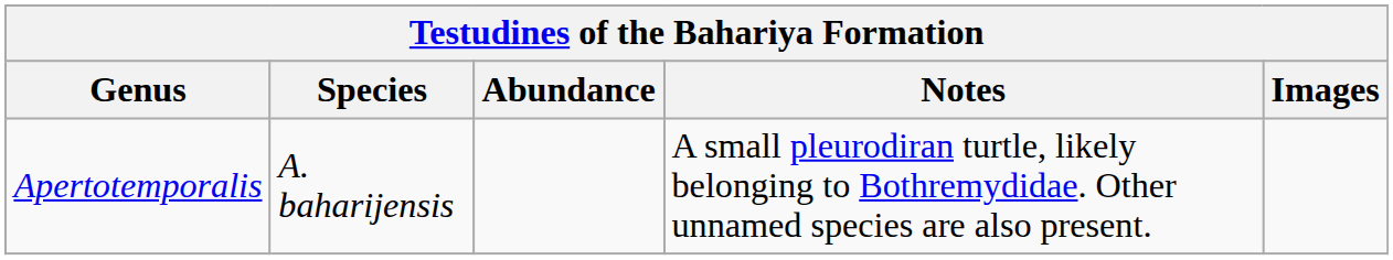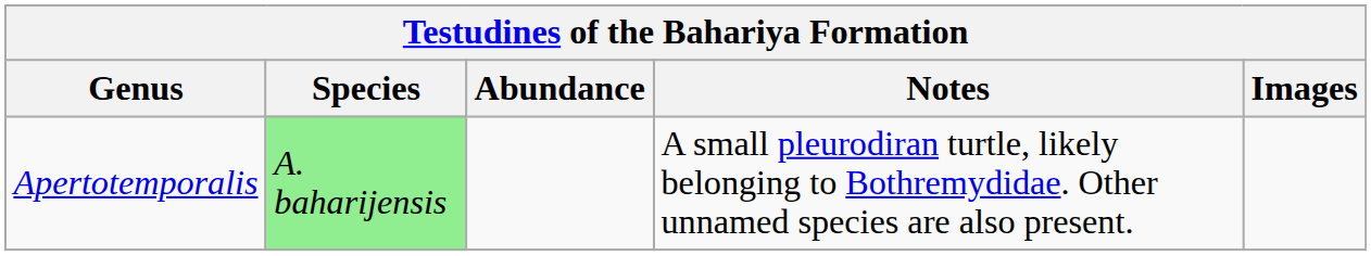 <table class="wikitable" align="center" width="100%">
 <tr>
 <th colspan="5" align="center"><strong><a href='#'>Testudines</a> of the Bahariya Formation</strong></th>
 </tr>
 <tr>
 <th>Genus</th>
 <th>Species</th>
 <th>Abundance</th>
 <th>Notes</th>
 <th>Images</th>
 </tr>
 <tr>
 <td><em><a href='#'>Apertotemporalis</a></em></td>
-<td><em>A. baharijensis</em></td>
+<td style="background: lightgreen;"><em>A. baharijensis</em></td>
 <td></td>
 <td>A small <a href='#'>pleurodiran</a> turtle, likely belonging to <a href='#'>Bothremydidae</a>. Other unnamed species are also present.</td>
 <td></td>
 </tr>
 </table>
